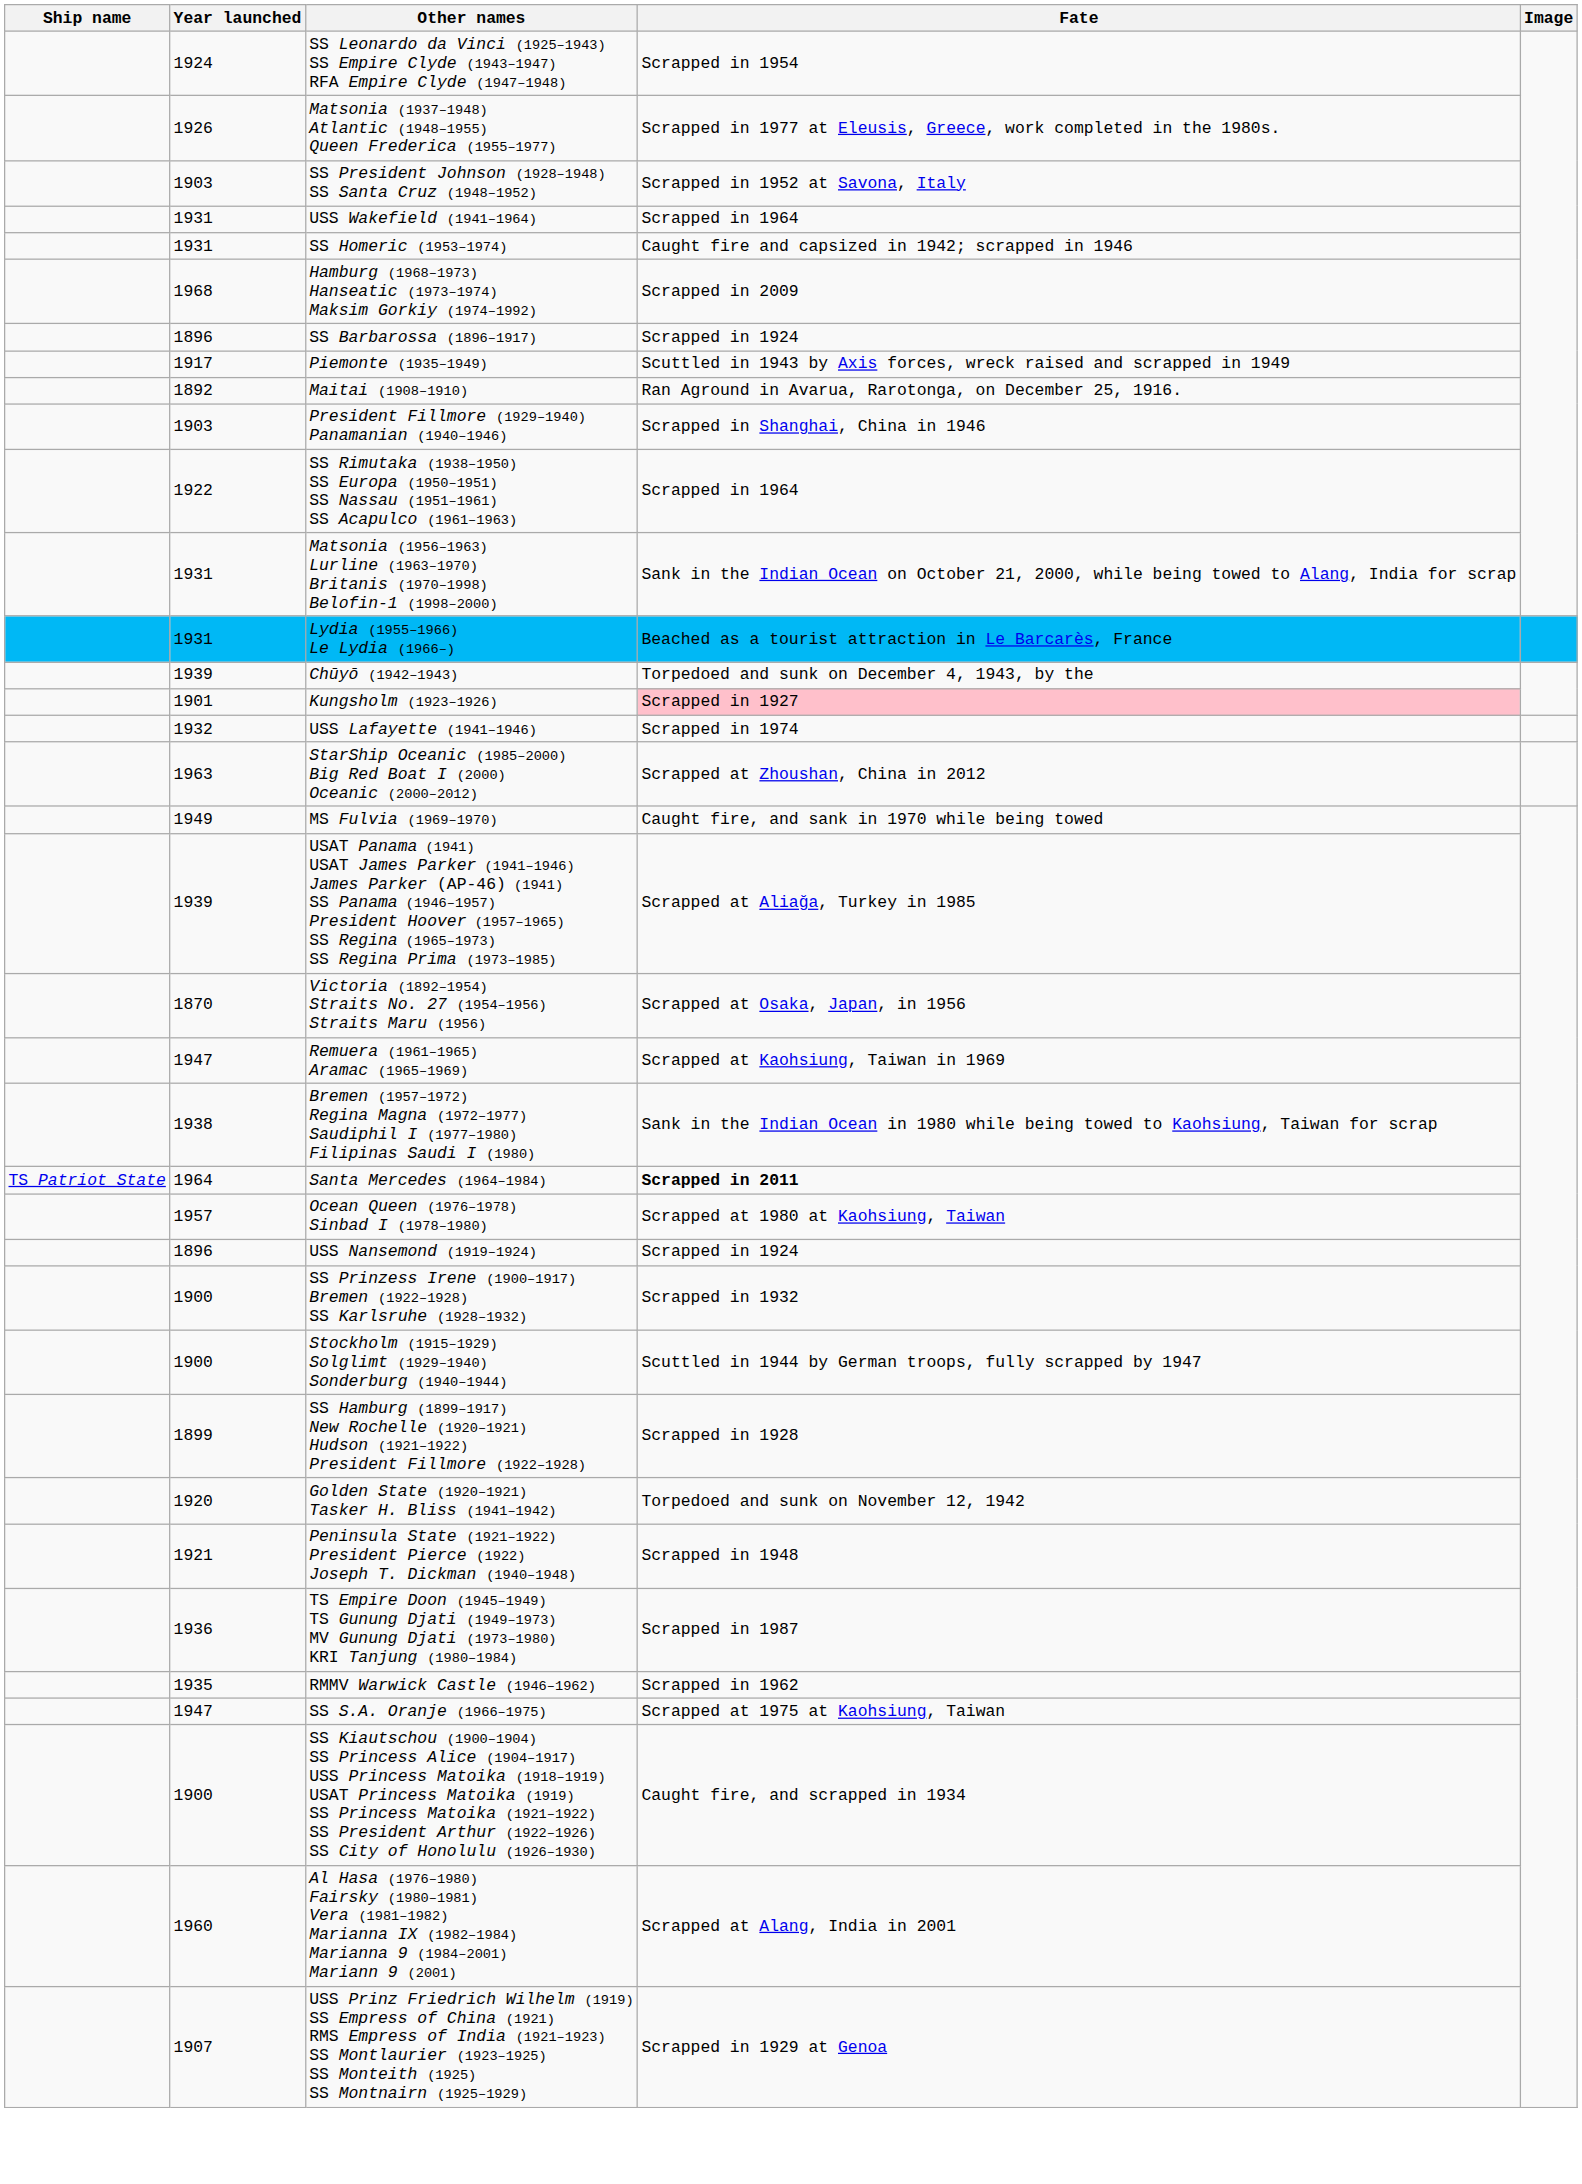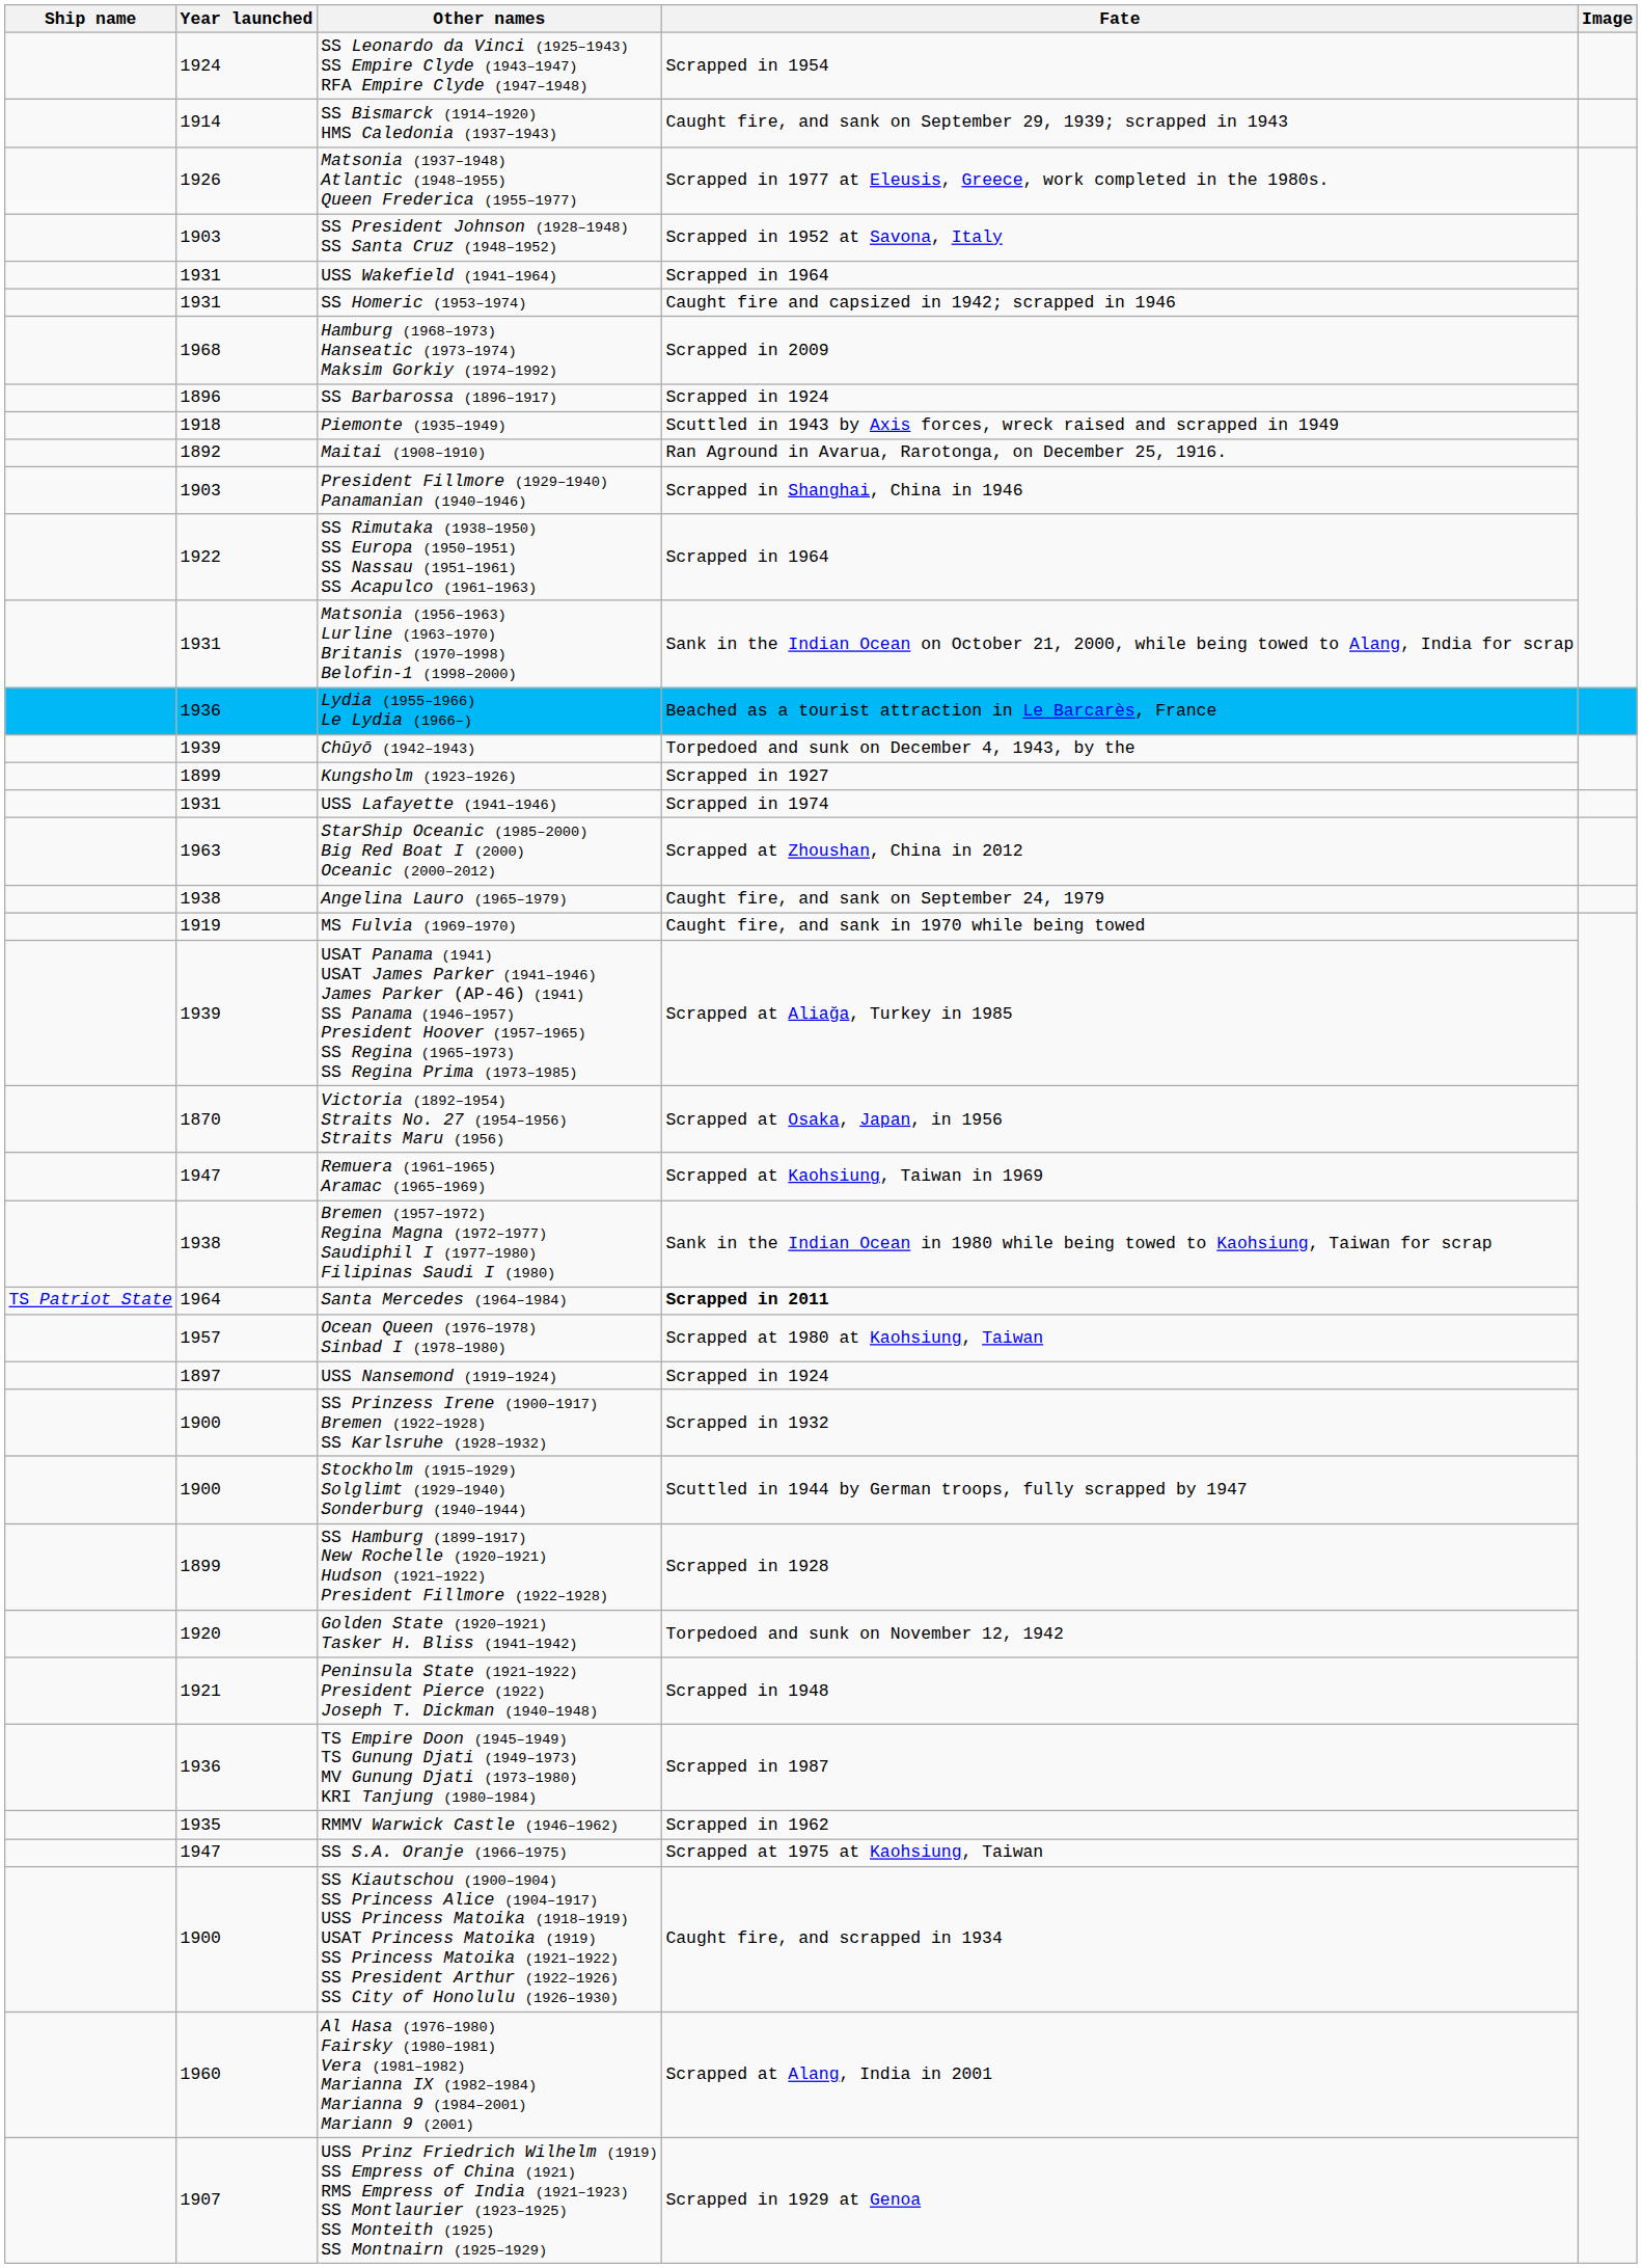 <table class="wikitable sortable">
 <tr>
 <th>Ship name</th>
 <th>Year launched</th>
 <th class="unsortable">Other names</th>
 <th>Fate</th>
 <th>Image</th>
 </tr>
 <tr>
 <td></td>
 <td>1924</td>
 <td>SS <em>Leonardo da Vinci</em> <small>(1925–1943)</small><br>SS <em>Empire Clyde</em> <small>(1943–1947)</small><br>RFA <em>Empire Clyde</em> <small>(1947–1948)</small></td>
 <td>Scrapped in 1954</td>
+</tr>
+<tr>
+<td></td>
+<td>1914</td>
+<td>SS <em>Bismarck</em> <small>(1914–1920)</small><br>HMS <em>Caledonia</em> <small>(1937–1943)</small></td>
+<td>Caught fire, and sank on September 29, 1939; scrapped in 1943</td>
+<td><br> </td>
 </tr>
 <tr>
 <td></td>
 <td>1926</td>
 <td><em>Matsonia</em> <small>(1937–1948)</small><br><em>Atlantic</em> <small>(1948–1955)</small><br><em>Queen Frederica</em> <small>(1955–1977)</small></td>
 <td>Scrapped in 1977 at <a href='#'>Eleusis</a>, <a href='#'>Greece</a>, work completed in the 1980s.</td>
 </tr>
 <tr>
 <td></td>
 <td>1903</td>
 <td>SS <em>President Johnson</em> <small>(1928–1948)</small><br>SS <em>Santa Cruz</em> <small>(1948–1952)</small></td>
 <td>Scrapped in 1952 at <a href='#'>Savona</a>, <a href='#'>Italy</a></td>
 </tr>
 <tr>
 <td></td>
 <td>1931</td>
 <td>USS <em>Wakefield</em> <small>(1941–1964)</small></td>
 <td>Scrapped in 1964</td>
 </tr>
 <tr>
 <td></td>
 <td>1931</td>
 <td>SS <em>Homeric</em> <small>(1953–1974)</small></td>
 <td>Caught fire and capsized in 1942; scrapped in 1946</td>
 </tr>
 <tr>
 <td></td>
 <td>1968</td>
 <td><em>Hamburg</em> <small>(1968–1973)</small><br><em>Hanseatic</em> <small>(1973–1974)</small><br><em>Maksim Gorkiy</em> <small>(1974–1992)</small></td>
 <td>Scrapped in 2009</td>
 </tr>
 <tr>
 <td></td>
 <td>1896</td>
 <td>SS <em>Barbarossa</em> <small>(1896–1917)</small></td>
 <td>Scrapped in 1924</td>
 </tr>
 <tr>
 <td></td>
-<td>1917</td>
+<td>1918</td>
 <td><em>Piemonte</em> <small>(1935–1949)</small></td>
 <td>Scuttled in 1943 by <a href='#'>Axis</a> forces, wreck raised and scrapped in 1949</td>
 </tr>
 <tr>
 <td></td>
 <td>1892</td>
 <td><em>Maitai</em> <small>(1908–1910)</small></td>
 <td>Ran Aground in Avarua, Rarotonga, on December 25, 1916.</td>
 </tr>
 <tr>
 <td></td>
 <td>1903</td>
 <td><em>President Fillmore</em> <small>(1929–1940)</small><br><em>Panamanian</em> <small>(1940–1946)</small></td>
 <td>Scrapped in <a href='#'>Shanghai</a>, China in 1946</td>
 </tr>
 <tr>
 <td></td>
 <td>1922</td>
 <td>SS <em>Rimutaka</em> <small>(1938–1950)</small><br>SS <em>Europa</em> <small>(1950–1951)</small><br>SS <em>Nassau</em> <small>(1951–1961)</small><br>SS <em>Acapulco</em> <small>(1961–1963)</small></td>
 <td>Scrapped in 1964</td>
 </tr>
 <tr>
 <td></td>
 <td>1931</td>
 <td><em>Matsonia</em> <small>(1956–1963)</small><br><em>Lurline</em> <small>(1963–1970)</small><br><em>Britanis</em> <small>(1970–1998)</small><br><em>Belofin-1</em> <small>(1998–2000)</small></td>
 <td>Sank in the <a href='#'>Indian Ocean</a> on October 21, 2000, while being towed to <a href='#'>Alang</a>, India for scrap</td>
 </tr>
 <tr style="background: #00b8f5;">
 <td></td>
-<td>1931</td>
+<td>1936</td>
 <td><em>Lydia</em> <small>(1955–1966)</small><br><em>Le Lydia</em> <small>(1966–)</small></td>
 <td>Beached as a tourist attraction in <a href='#'>Le Barcarès</a>, France</td>
 <td></td>
 </tr>
 <tr>
 <td></td>
 <td>1939</td>
 <td><em>Chūyō</em> <small>(1942–1943)</small></td>
 <td>Torpedoed and sunk on December 4, 1943, by the </td>
 </tr>
 <tr>
 <td></td>
-<td>1901</td>
+<td>1899</td>
 <td><em>Kungsholm</em> <small>(1923–1926)</small></td>
-<td style="background: pink;">Scrapped in 1927</td>
+<td>Scrapped in 1927</td>
 </tr>
 <tr>
 <td></td>
-<td>1932</td>
+<td>1931</td>
 <td>USS <em>Lafayette</em> <small>(1941–1946)</small></td>
 <td>Scrapped in 1974</td>
 <td><br></td>
 </tr>
 <tr>
 <td></td>
 <td>1963</td>
 <td><em>StarShip Oceanic</em> <small>(1985–2000)</small><br><em>Big Red Boat I</em> <small>(2000)</small><br><em>Oceanic</em> <small>(2000–2012)</small></td>
 <td>Scrapped at <a href='#'>Zhoushan</a>, China in 2012</td>
 <td><br> </td>
 </tr>
 <tr>
 <td></td>
-<td>1949</td>
+<td>1938</td>
+<td><em>Angelina Lauro</em> <small>(1965–1979)</small></td>
+<td>Caught fire, and sank on September 24, 1979</td>
+<td><br></td>
+</tr>
+<tr>
+<td></td>
+<td>1919</td>
 <td>MS <em>Fulvia</em> <small>(1969–1970)</small></td>
 <td>Caught fire, and sank in 1970 while being towed</td>
 </tr>
 <tr>
 <td></td>
 <td>1939</td>
 <td>USAT <em>Panama</em><small> (1941)</small><br>USAT <em>James Parker</em><small> (1941–1946)</small><br><em>James Parker</em> (AP-46)<small> (1941)</small><br>SS <em>Panama</em><small> (1946–1957)</small><br><em>President Hoover</em><small> (1957–1965)</small><br>SS <em>Regina</em><small> (1965–1973)</small><br>SS <em>Regina Prima</em> <small>(1973–1985)</small></td>
 <td>Scrapped at <a href='#'>Aliağa</a>, Turkey in 1985</td>
 </tr>
 <tr>
 <td></td>
 <td>1870</td>
 <td><em>Victoria</em> <small>(1892–1954)</small><br><em>Straits No. 27</em> <small>(1954–1956)</small><br><em>Straits Maru</em> <small>(1956)</small></td>
 <td>Scrapped at <a href='#'>Osaka</a>, <a href='#'>Japan</a>, in 1956</td>
 </tr>
 <tr>
 <td></td>
 <td>1947</td>
 <td><em>Remuera</em> <small>(1961–1965)</small><br><em>Aramac</em> <small>(1965–1969)</small></td>
 <td>Scrapped at <a href='#'>Kaohsiung</a>, Taiwan in 1969</td>
 </tr>
 <tr>
 <td></td>
 <td>1938</td>
 <td><em>Bremen</em> <small>(1957–1972)</small><br><em>Regina Magna</em> <small>(1972–1977)</small><br><em>Saudiphil I</em> <small>(1977–1980)</small><br><em>Filipinas Saudi I</em> <small>(1980)</small></td>
 <td>Sank in the <a href='#'>Indian Ocean</a> in 1980 while being towed to <a href='#'>Kaohsiung</a>, Taiwan for scrap</td>
 </tr>
 <tr>
 <td><a href='#'>TS <em>Patriot State</em></a></td>
 <td>1964</td>
 <td><em>Santa Mercedes</em> <small>(1964–1984)</small></td>
 <td><strong>Scrapped in 2011</strong></td>
 </tr>
 <tr>
 <td></td>
 <td>1957</td>
 <td><em>Ocean Queen</em> <small>(1976–1978)</small><br><em>Sinbad I</em> <small>(1978–1980)</small></td>
 <td>Scrapped at 1980 at <a href='#'>Kaohsiung</a>, <a href='#'>Taiwan</a></td>
 </tr>
 <tr>
 <td></td>
-<td>1896</td>
+<td>1897</td>
 <td>USS <em>Nansemond</em> <small>(1919–1924)</small></td>
 <td>Scrapped in 1924</td>
 </tr>
 <tr>
 <td></td>
 <td>1900</td>
 <td>SS <em>Prinzess Irene</em> <small>(1900–1917)</small><br><em>Bremen</em> <small>(1922–1928)</small><br>SS <em>Karlsruhe</em> <small>(1928–1932)</small></td>
 <td>Scrapped in 1932</td>
 </tr>
 <tr>
 <td></td>
 <td>1900</td>
 <td><em>Stockholm</em> <small>(1915–1929)</small><br><em>Solglimt</em> <small>(1929–1940)</small><br><em>Sonderburg</em> <small>(1940–1944)</small></td>
 <td>Scuttled in 1944 by German troops, fully scrapped by 1947</td>
 </tr>
 <tr>
 <td></td>
 <td>1899</td>
 <td>SS <em>Hamburg</em> <small>(1899–1917)</small><br><em>New Rochelle</em> <small>(1920–1921)</small><br><em>Hudson</em> <small>(1921–1922)</small><br><em>President Fillmore</em> <small>(1922–1928)</small></td>
 <td>Scrapped in 1928</td>
 </tr>
 <tr>
 <td></td>
 <td>1920</td>
 <td><em>Golden State</em> <small>(1920–1921)</small><br><em>Tasker H. Bliss</em> <small>(1941–1942)</small></td>
 <td>Torpedoed and sunk on November 12, 1942</td>
 </tr>
 <tr>
 <td></td>
 <td>1921</td>
 <td><em>Peninsula State</em> <small>(1921–1922)</small><br><em>President Pierce</em> <small>(1922)</small><br><em>Joseph T. Dickman</em> <small>(1940–1948)</small></td>
 <td>Scrapped in 1948</td>
 </tr>
 <tr>
 <td></td>
 <td>1936</td>
 <td>TS <em>Empire Doon</em> <small>(1945–1949)</small><br>TS <em>Gunung Djati</em> <small>(1949–1973)</small><br>MV <em>Gunung Djati</em> <small>(1973–1980)</small><br>KRI <em>Tanjung</em> <small>(1980–1984)</small></td>
 <td>Scrapped in 1987</td>
 </tr>
 <tr>
 <td></td>
 <td>1935</td>
 <td>RMMV <em>Warwick Castle</em> <small>(1946–1962)</small></td>
 <td>Scrapped in 1962</td>
 </tr>
 <tr>
 <td></td>
 <td>1947</td>
 <td>SS <em>S.A. Oranje</em> <small>(1966–1975)</small></td>
 <td>Scrapped at 1975 at <a href='#'>Kaohsiung</a>, Taiwan</td>
 </tr>
 <tr>
 <td></td>
 <td>1900</td>
 <td>SS <em>Kiautschou</em> <small>(1900–1904)</small><br>SS <em>Princess Alice</em> <small>(1904–1917)</small><br>USS <em>Princess Matoika</em> <small>(1918–1919)</small><br>USAT <em>Princess Matoika</em> <small>(1919)</small><br>SS <em>Princess Matoika</em> <small>(1921–1922)</small><br>SS <em>President Arthur</em> <small>(1922–1926)</small><br>SS <em>City of Honolulu</em> <small>(1926–1930)</small></td>
 <td>Caught fire, and scrapped in 1934</td>
 </tr>
 <tr>
 <td></td>
 <td>1960</td>
 <td><em>Al Hasa</em> <small>(1976–1980)</small><br><em>Fairsky</em> <small>(1980–1981)</small><br><em>Vera</em> <small>(1981–1982)</small><br><em>Marianna IX</em> <small>(1982–1984)</small><br><em>Marianna 9</em> <small>(1984–2001)</small><br><em>Mariann 9</em> <small>(2001)</small></td>
 <td>Scrapped at <a href='#'>Alang</a>, India in 2001</td>
 </tr>
 <tr>
 <td></td>
 <td>1907</td>
 <td>USS <em>Prinz Friedrich Wilhelm</em> <small>(1919)</small><br>SS <em>Empress of China</em> <small>(1921)</small><br>RMS <em>Empress of India</em> <small>(1921–1923)</small><br>SS <em>Montlaurier</em> <small>(1923–1925)</small><br>SS <em>Monteith</em> <small>(1925)</small><br>SS <em>Montnairn</em> <small>(1925–1929)</small></td>
 <td>Scrapped in 1929 at <a href='#'>Genoa</a></td>
 </tr>
 </table>
